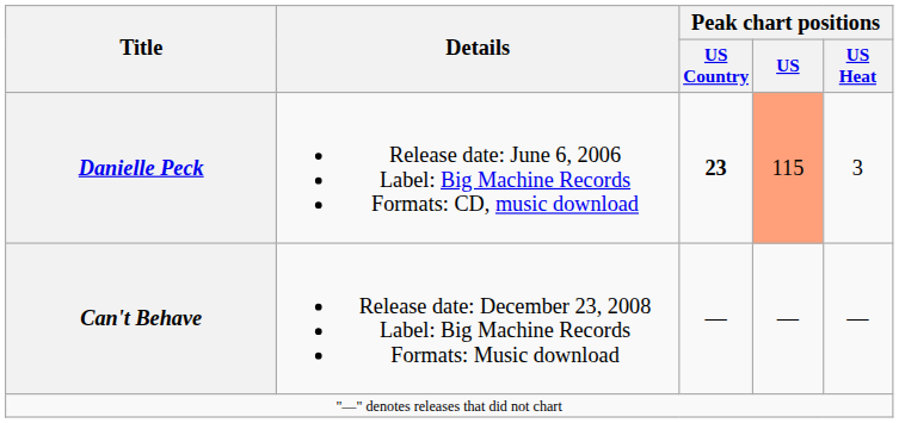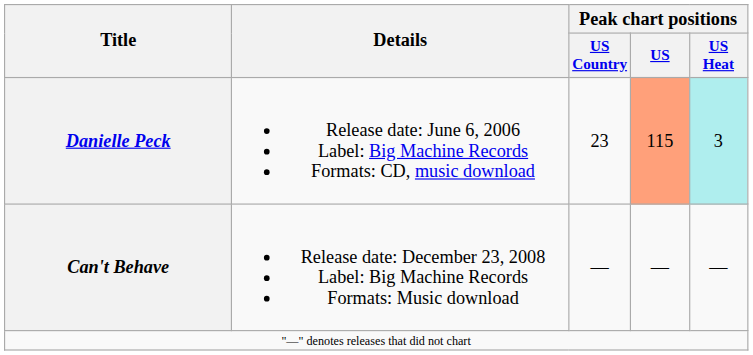 <table class="wikitable plainrowheaders" style="text-align:center;">
 <tr>
 <th rowspan="2" style="width:12em;">Title</th>
 <th rowspan="2" style="width:18em;">Details</th>
 <th colspan="3">Peak chart positions</th>
 </tr>
 <tr style="font-size:smaller;">
 <th style="width:45px;"><a href='#'>US Country</a><br></th>
 <th style="width:45px;"><a href='#'>US</a><br></th>
 <th style="width:45px;"><a href='#'>US<br>Heat</a><br></th>
 </tr>
 <tr>
 <th scope="row"><em><a href='#'>Danielle Peck</a></em></th>
 <td><br><ul><li>Release date: June 6, 2006</li><li>Label: <a href='#'>Big Machine Records</a></li><li>Formats: CD, <a href='#'>music download</a></li></ul></td>
-<td><strong>23</strong></td>
+<td>23</td>
 <td style="background: lightsalmon;">115</td>
-<td>3</td>
+<td style="background: paleturquoise;">3</td>
 </tr>
 <tr>
 <th scope="row"><em>Can't Behave</em></th>
 <td><br><ul><li>Release date: December 23, 2008</li><li>Label: Big Machine Records</li><li>Formats: Music download</li></ul></td>
 <td>—</td>
 <td>—</td>
 <td>—</td>
 </tr>
 <tr>
 <td colspan="10" style="font-size:8pt">"—" denotes releases that did not chart</td>
 </tr>
 </table>
